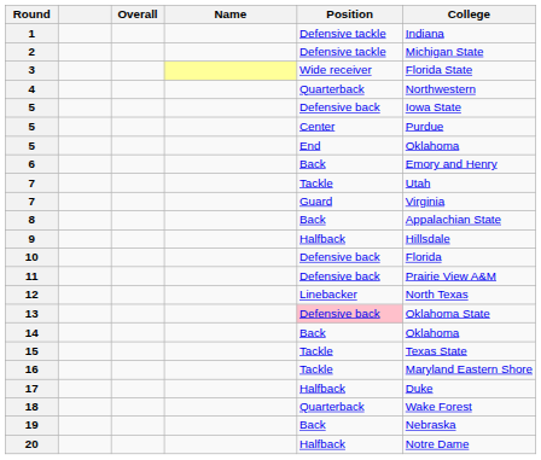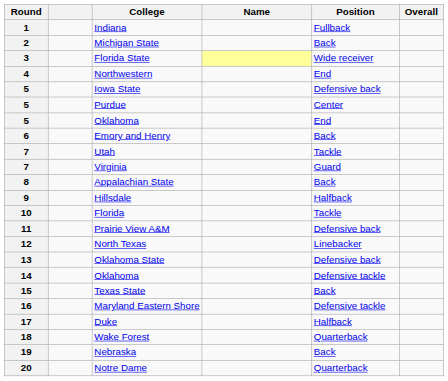 <table class="wikitable sortable">
 <tr>
 <th scope="col" style="width: 10%;">Round</th>
 <th scope="col" style="width: 10%;"></th>
-<th scope="col" style="width: 10%;">Overall</th>
+<th scope="col" style="width: 25%;">College</th>
 <th scope="col" style="width: 25%;">Name</th>
 <th scope="col" style="width: 20%;">Position</th>
-<th scope="col" style="width: 25%;">College</th>
+<th scope="col" style="width: 10%;">Overall</th>
 </tr>
 <tr>
 <th scope="row">1</th>
 <td></td>
+<td><a href='#'>Indiana</a></td>
 <td></td>
+<td><a href='#'>Fullback</a></td>
 <td></td>
-<td><a href='#'>Defensive tackle</a></td>
-<td><a href='#'>Indiana</a></td>
 </tr>
 <tr>
 <th scope="row">2</th>
 <td></td>
+<td><a href='#'>Michigan State</a></td>
 <td></td>
+<td><a href='#'>Back</a></td>
 <td></td>
-<td><a href='#'>Defensive tackle</a></td>
-<td><a href='#'>Michigan State</a></td>
 </tr>
 <tr>
 <th scope="row">3</th>
 <td></td>
-<td></td>
+<td><a href='#'>Florida State</a></td>
 <td style="background-color: #FFFF99;"> </td>
 <td><a href='#'>Wide receiver</a></td>
-<td><a href='#'>Florida State</a></td>
+<td></td>
 </tr>
 <tr>
 <th scope="row">4</th>
 <td></td>
+<td><a href='#'>Northwestern</a></td>
 <td></td>
+<td><a href='#'>End</a></td>
 <td></td>
-<td><a href='#'>Quarterback</a></td>
-<td><a href='#'>Northwestern</a></td>
 </tr>
 <tr>
 <th scope="row">5</th>
 <td></td>
-<td></td>
+<td><a href='#'>Iowa State</a></td>
 <td></td>
 <td><a href='#'>Defensive back</a></td>
-<td><a href='#'>Iowa State</a></td>
+<td></td>
 </tr>
 <tr>
 <th scope="row">5</th>
 <td></td>
-<td></td>
+<td><a href='#'>Purdue</a></td>
 <td></td>
 <td><a href='#'>Center</a></td>
-<td><a href='#'>Purdue</a></td>
+<td></td>
 </tr>
 <tr>
 <th scope="row">5</th>
 <td></td>
-<td></td>
+<td><a href='#'>Oklahoma</a></td>
 <td></td>
 <td><a href='#'>End</a></td>
-<td><a href='#'>Oklahoma</a></td>
+<td></td>
 </tr>
 <tr>
 <th scope="row">6</th>
 <td></td>
-<td></td>
+<td><a href='#'>Emory and Henry</a></td>
 <td></td>
 <td><a href='#'>Back</a></td>
-<td><a href='#'>Emory and Henry</a></td>
+<td></td>
 </tr>
 <tr>
 <th scope="row">7</th>
 <td></td>
-<td></td>
+<td><a href='#'>Utah</a></td>
 <td></td>
 <td><a href='#'>Tackle</a></td>
-<td><a href='#'>Utah</a></td>
+<td></td>
 </tr>
 <tr>
 <th scope="row">7</th>
 <td></td>
-<td></td>
+<td><a href='#'>Virginia</a></td>
 <td></td>
 <td><a href='#'>Guard</a></td>
-<td><a href='#'>Virginia</a></td>
+<td></td>
 </tr>
 <tr>
 <th scope="row">8</th>
 <td></td>
-<td></td>
+<td><a href='#'>Appalachian State</a></td>
 <td></td>
 <td><a href='#'>Back</a></td>
-<td><a href='#'>Appalachian State</a></td>
+<td></td>
 </tr>
 <tr>
 <th scope="row">9</th>
 <td></td>
-<td></td>
+<td><a href='#'>Hillsdale</a></td>
 <td></td>
 <td><a href='#'>Halfback</a></td>
-<td><a href='#'>Hillsdale</a></td>
+<td></td>
 </tr>
 <tr>
 <th scope="row">10</th>
 <td></td>
+<td><a href='#'>Florida</a></td>
 <td></td>
+<td><a href='#'>Tackle</a></td>
 <td></td>
-<td><a href='#'>Defensive back</a></td>
-<td><a href='#'>Florida</a></td>
 </tr>
 <tr>
 <th scope="row">11</th>
 <td></td>
-<td></td>
+<td><a href='#'>Prairie View A&M</a></td>
 <td></td>
 <td><a href='#'>Defensive back</a></td>
-<td><a href='#'>Prairie View A&M</a></td>
+<td></td>
 </tr>
 <tr>
 <th scope="row">12</th>
 <td></td>
-<td></td>
+<td><a href='#'>North Texas</a></td>
 <td></td>
 <td><a href='#'>Linebacker</a></td>
-<td><a href='#'>North Texas</a></td>
+<td></td>
 </tr>
 <tr>
 <th scope="row">13</th>
 <td></td>
+<td><a href='#'>Oklahoma State</a></td>
 <td></td>
+<td><a href='#'>Defensive back</a></td>
 <td></td>
-<td style="background: pink;"><a href='#'>Defensive back</a></td>
-<td><a href='#'>Oklahoma State</a></td>
 </tr>
 <tr>
 <th scope="row">14</th>
 <td></td>
+<td><a href='#'>Oklahoma</a></td>
 <td></td>
+<td><a href='#'>Defensive tackle</a></td>
 <td></td>
-<td><a href='#'>Back</a></td>
-<td><a href='#'>Oklahoma</a></td>
 </tr>
 <tr>
 <th scope="row">15</th>
 <td></td>
+<td><a href='#'>Texas State</a></td>
 <td></td>
+<td><a href='#'>Back</a></td>
 <td></td>
-<td><a href='#'>Tackle</a></td>
-<td><a href='#'>Texas State</a></td>
 </tr>
 <tr>
 <th scope="row">16</th>
 <td></td>
+<td><a href='#'>Maryland Eastern Shore</a></td>
 <td></td>
+<td><a href='#'>Defensive tackle</a></td>
 <td></td>
-<td><a href='#'>Tackle</a></td>
-<td><a href='#'>Maryland Eastern Shore</a></td>
 </tr>
 <tr>
 <th scope="row">17</th>
 <td></td>
-<td></td>
+<td><a href='#'>Duke</a></td>
 <td></td>
 <td><a href='#'>Halfback</a></td>
-<td><a href='#'>Duke</a></td>
+<td></td>
 </tr>
 <tr>
 <th scope="row">18</th>
 <td></td>
-<td></td>
+<td><a href='#'>Wake Forest</a></td>
 <td></td>
 <td><a href='#'>Quarterback</a></td>
-<td><a href='#'>Wake Forest</a></td>
+<td></td>
 </tr>
 <tr>
 <th scope="row">19</th>
 <td></td>
-<td></td>
+<td><a href='#'>Nebraska</a></td>
 <td></td>
 <td><a href='#'>Back</a></td>
-<td><a href='#'>Nebraska</a></td>
+<td></td>
 </tr>
 <tr>
 <th scope="row">20</th>
 <td></td>
+<td><a href='#'>Notre Dame</a></td>
 <td></td>
+<td><a href='#'>Quarterback</a></td>
 <td></td>
-<td><a href='#'>Halfback</a></td>
-<td><a href='#'>Notre Dame</a></td>
 </tr>
 </table>
